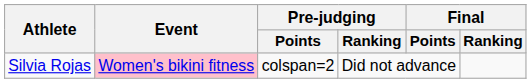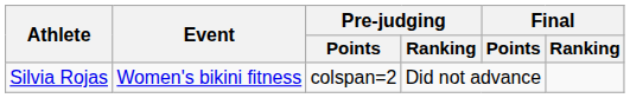 <table class=wikitable style="font-size:90%">
 <tr>
 <th rowspan="2">Athlete</th>
 <th rowspan="2">Event</th>
 <th colspan="2">Pre-judging</th>
 <th colspan="2">Final</th>
 </tr>
 <tr style="font-size:95%">
 <th>Points</th>
 <th>Ranking</th>
 <th>Points</th>
 <th>Ranking</th>
 </tr>
 <tr align=center>
 <td align=left><a href='#'>Silvia Rojas</a></td>
-<td align=left style="background: pink;"><a href='#'>Women's bikini fitness</a></td>
+<td align=left><a href='#'>Women's bikini fitness</a></td>
 <td>colspan=2 </td>
 <td colspan=2>Did not advance</td>
 </tr>
 </table>
